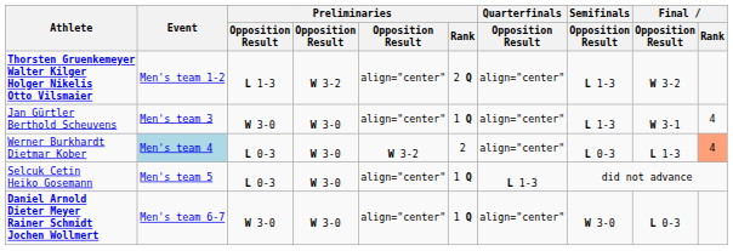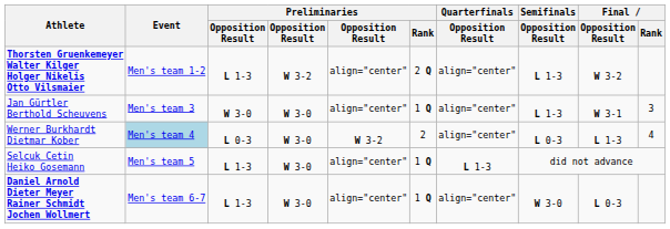 <table class=wikitable style="font-size:90%">
 <tr>
 <th rowspan="2">Athlete</th>
 <th rowspan="2">Event</th>
 <th colspan="4">Preliminaries</th>
 <th>Quarterfinals</th>
 <th>Semifinals</th>
 <th colspan="2">Final / </th>
 </tr>
 <tr>
 <th>Opposition<br>Result</th>
 <th>Opposition<br>Result</th>
 <th>Opposition<br>Result</th>
 <th>Rank</th>
 <th>Opposition<br>Result</th>
 <th>Opposition<br>Result</th>
 <th>Opposition<br>Result</th>
 <th>Rank</th>
 </tr>
 <tr>
 <td><strong><a href='#'>Thorsten Gruenkemeyer</a></strong><br> <strong><a href='#'>Walter Kilger</a></strong><br> <strong><a href='#'>Holger Nikelis</a></strong><br> <strong><a href='#'>Otto Vilsmaier</a></strong></td>
 <td><a href='#'>Men's team 1-2</a></td>
 <td align="center"><br><strong>L</strong> 1-3</td>
 <td align="center"><br><strong>W</strong> 3-2</td>
 <td>align="center" </td>
 <td align="center">2 <strong>Q</strong></td>
 <td>align="center" </td>
 <td align="center"><br><strong>L</strong> 1-3</td>
 <td align="center"><br><strong>W</strong> 3-2</td>
 <td align="center"></td>
 </tr>
 <tr>
 <td><a href='#'>Jan Gürtler</a><br> <a href='#'>Berthold Scheuvens</a></td>
 <td><a href='#'>Men's team 3</a></td>
 <td align="center"><br><strong>W</strong> 3-0</td>
 <td align="center"><br><strong>W</strong> 3-0</td>
 <td>align="center" </td>
 <td align="center">1 <strong>Q</strong></td>
 <td>align="center" </td>
 <td align="center"><br><strong>L</strong> 1-3</td>
 <td align="center"><br><strong>W</strong> 3-1</td>
-<td align="center">4</td>
+<td align="center">3</td>
 </tr>
 <tr>
 <td><a href='#'>Werner Burkhardt</a><br> <a href='#'>Dietmar Kober</a></td>
 <td style="background: lightblue;"><a href='#'>Men's team 4</a></td>
 <td align="center"><br><strong>L</strong> 0-3</td>
 <td align="center"><br><strong>W</strong> 3-0</td>
 <td align="center"><br><strong>W</strong> 3-2</td>
 <td align="center">2</td>
 <td>align="center" </td>
 <td align="center"><br><strong>L</strong> 0-3</td>
 <td align="center"><br><strong>L</strong> 1-3</td>
-<td align="center" style="background: lightsalmon;">4</td>
+<td align="center">4</td>
 </tr>
 <tr>
 <td><a href='#'>Selcuk Cetin</a><br> <a href='#'>Heiko Gosemann</a></td>
 <td><a href='#'>Men's team 5</a></td>
-<td align="center"><br><strong>L</strong> 0-3</td>
+<td align="center"><br><strong>L</strong> 1-3</td>
 <td align="center"><br><strong>W</strong> 3-0</td>
 <td>align="center" </td>
 <td align="center">1 <strong>Q</strong></td>
 <td align="center"><br><strong>L</strong> 1-3</td>
 <td align="center" colspan="3">did not advance</td>
 </tr>
 <tr>
 <td><strong><a href='#'>Daniel Arnold</a></strong><br> <strong><a href='#'>Dieter Meyer</a></strong><br> <strong><a href='#'>Rainer Schmidt</a></strong><br> <strong><a href='#'>Jochen Wollmert</a></strong></td>
 <td><a href='#'>Men's team 6-7</a></td>
-<td align="center"><br><strong>W</strong> 3-0</td>
+<td align="center"><br><strong>L</strong> 1-3</td>
 <td align="center"><br><strong>W</strong> 3-0</td>
 <td>align="center" </td>
 <td align="center">1 <strong>Q</strong></td>
 <td>align="center" </td>
 <td align="center"><br><strong>W</strong> 3-0</td>
 <td align="center"><br><strong>L</strong> 0-3</td>
 <td align="center"></td>
 </tr>
 </table>
